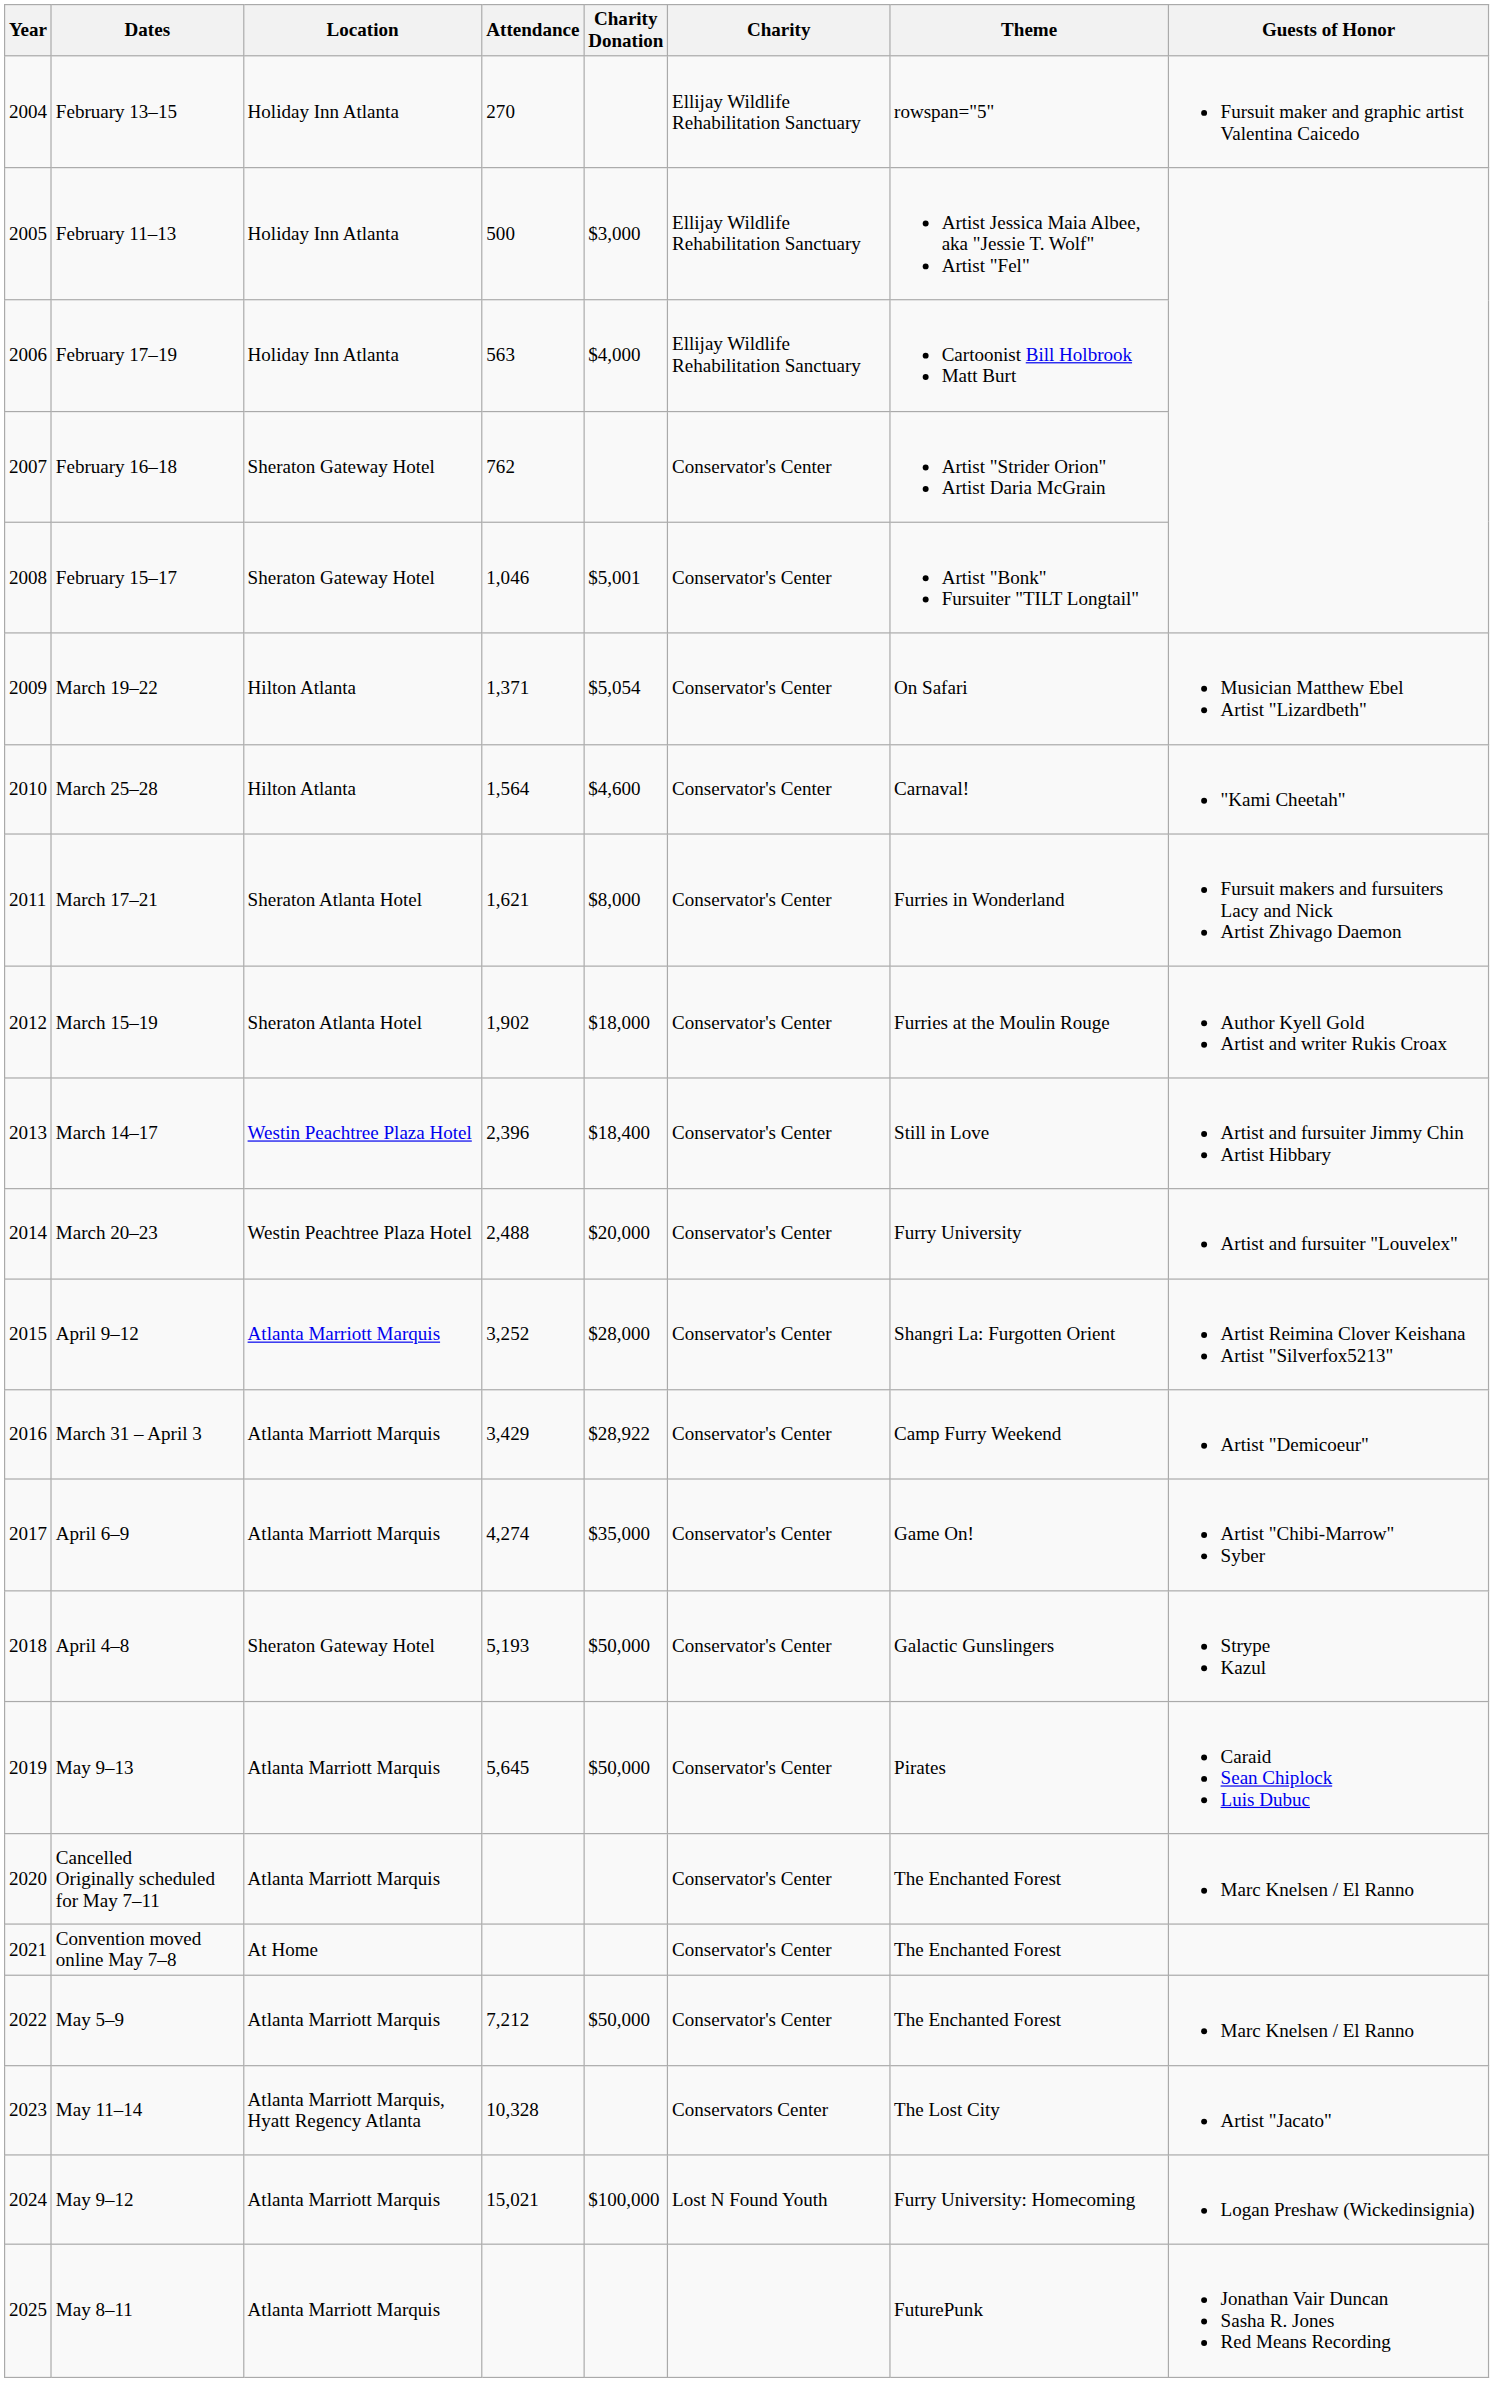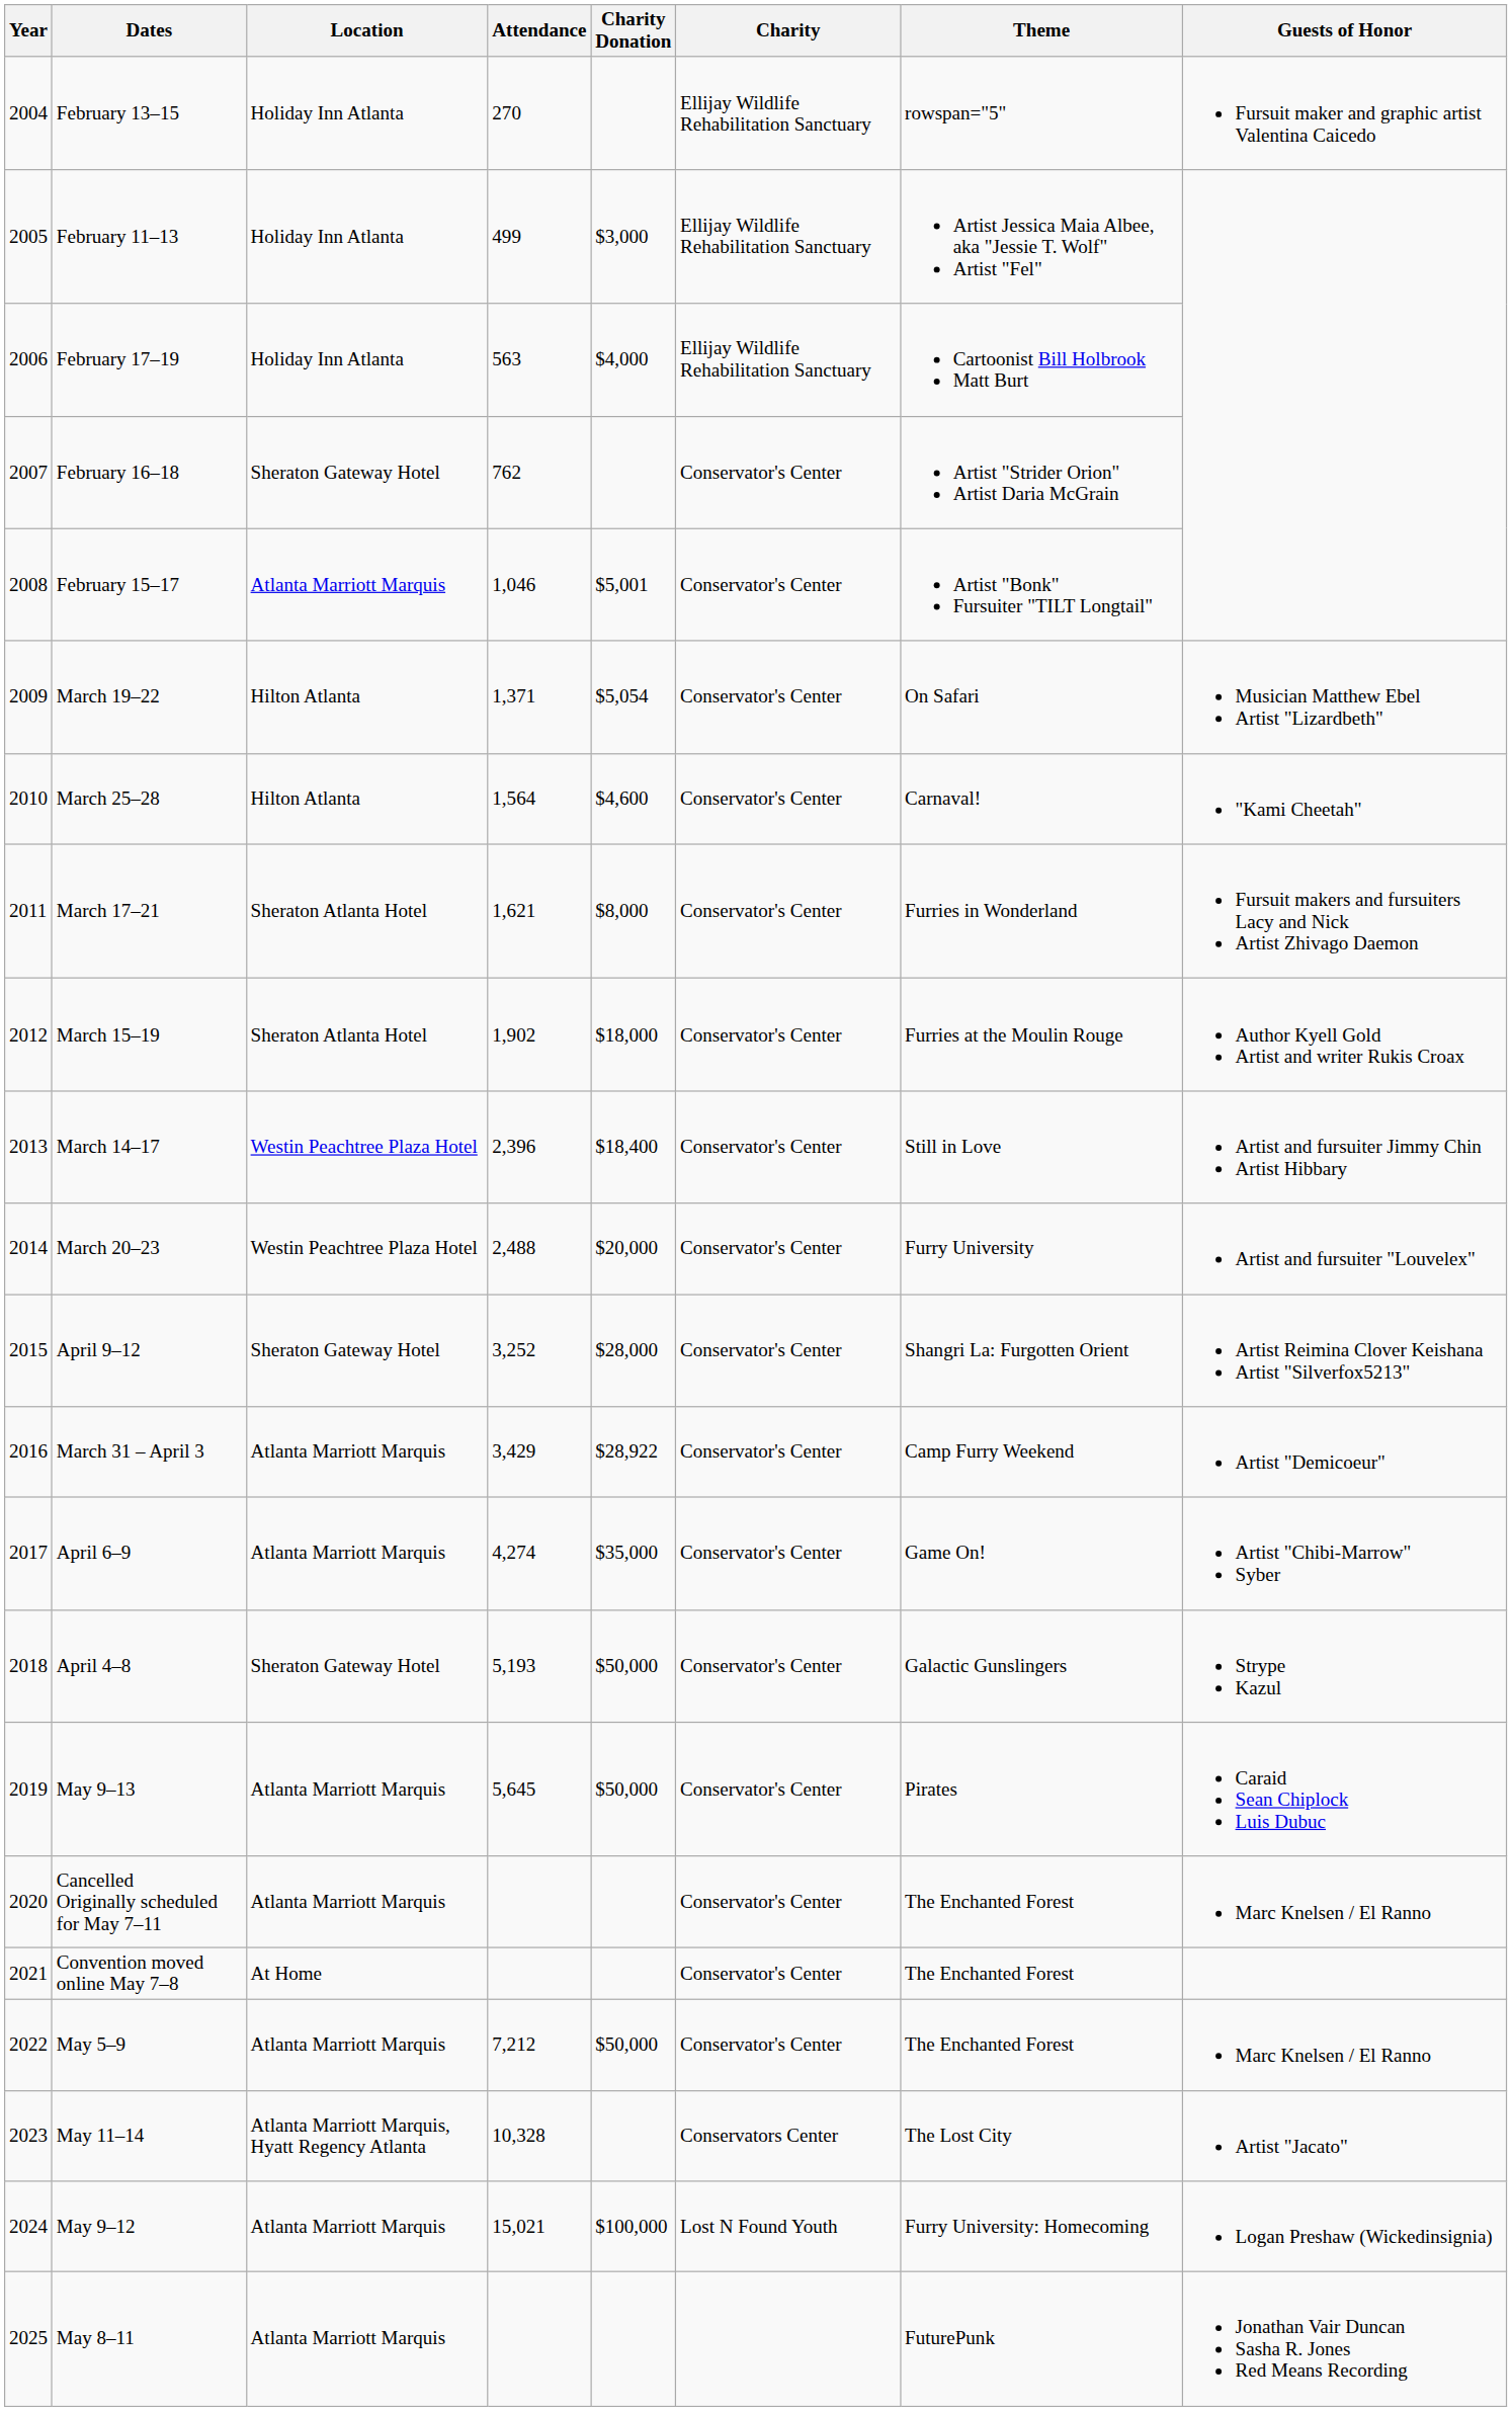 <table class="wikitable" border="1">
 <tr>
 <th>Year</th>
 <th>Dates</th>
 <th>Location</th>
 <th>Attendance</th>
 <th>Charity<br>Donation</th>
 <th>Charity</th>
 <th>Theme</th>
 <th>Guests of Honor</th>
 </tr>
 <tr>
 <td>2004</td>
 <td>February 13–15</td>
 <td>Holiday Inn Atlanta</td>
 <td>270</td>
 <td></td>
 <td>Ellijay Wildlife Rehabilitation Sanctuary</td>
 <td>rowspan="5" </td>
 <td><br><ul><li>Fursuit maker and graphic artist Valentina Caicedo</li></ul></td>
 </tr>
 <tr>
 <td>2005</td>
 <td>February 11–13</td>
 <td>Holiday Inn Atlanta</td>
-<td>500</td>
+<td>499</td>
 <td>$3,000</td>
 <td>Ellijay Wildlife Rehabilitation Sanctuary</td>
 <td><br><ul><li>Artist Jessica Maia Albee, aka "Jessie T. Wolf"</li><li>Artist "Fel"</li></ul></td>
 </tr>
 <tr>
 <td>2006</td>
 <td>February 17–19</td>
 <td>Holiday Inn Atlanta</td>
 <td>563</td>
 <td>$4,000</td>
 <td>Ellijay Wildlife Rehabilitation Sanctuary</td>
 <td><br><ul><li>Cartoonist <a href='#'>Bill Holbrook</a></li><li>Matt Burt</li></ul></td>
 </tr>
 <tr>
 <td>2007</td>
 <td>February 16–18</td>
 <td>Sheraton Gateway Hotel</td>
 <td>762</td>
 <td></td>
 <td>Conservator's Center</td>
 <td><br><ul><li>Artist "Strider Orion"</li><li>Artist Daria McGrain</li></ul></td>
 </tr>
 <tr>
 <td>2008</td>
 <td>February 15–17</td>
-<td>Sheraton Gateway Hotel</td>
+<td><a href='#'>Atlanta Marriott Marquis</a></td>
 <td>1,046</td>
 <td>$5,001</td>
 <td>Conservator's Center</td>
 <td><br><ul><li>Artist "Bonk"</li><li>Fursuiter "TILT Longtail"</li></ul></td>
 </tr>
 <tr>
 <td>2009</td>
 <td>March 19–22</td>
 <td>Hilton Atlanta</td>
 <td>1,371</td>
 <td>$5,054</td>
 <td>Conservator's Center</td>
 <td>On Safari</td>
 <td><br><ul><li>Musician Matthew Ebel</li><li>Artist "Lizardbeth"</li></ul></td>
 </tr>
 <tr>
 <td>2010</td>
 <td>March 25–28</td>
 <td>Hilton Atlanta</td>
 <td>1,564</td>
 <td>$4,600</td>
 <td>Conservator's Center</td>
 <td>Carnaval!</td>
 <td><br><ul><li>"Kami Cheetah"</li></ul></td>
 </tr>
 <tr>
 <td>2011</td>
 <td>March 17–21</td>
 <td>Sheraton Atlanta Hotel</td>
 <td>1,621</td>
 <td>$8,000</td>
 <td>Conservator's Center</td>
 <td>Furries in Wonderland</td>
 <td><br><ul><li>Fursuit makers and fursuiters Lacy and Nick</li><li>Artist Zhivago Daemon</li></ul></td>
 </tr>
 <tr>
 <td>2012</td>
 <td>March 15–19</td>
 <td>Sheraton Atlanta Hotel</td>
 <td>1,902</td>
 <td>$18,000</td>
 <td>Conservator's Center</td>
 <td>Furries at the Moulin Rouge</td>
 <td><br><ul><li>Author Kyell Gold</li><li>Artist and writer Rukis Croax</li></ul></td>
 </tr>
 <tr>
 <td>2013</td>
 <td>March 14–17</td>
 <td><a href='#'>Westin Peachtree Plaza Hotel</a></td>
 <td>2,396</td>
 <td>$18,400</td>
 <td>Conservator's Center</td>
 <td>Still in Love</td>
 <td><br><ul><li>Artist and fursuiter Jimmy Chin</li><li>Artist Hibbary</li></ul></td>
 </tr>
 <tr>
 <td>2014</td>
 <td>March 20–23</td>
 <td>Westin Peachtree Plaza Hotel</td>
 <td>2,488</td>
 <td>$20,000</td>
 <td>Conservator's Center</td>
 <td>Furry University</td>
 <td><br><ul><li>Artist and fursuiter "Louvelex"</li></ul></td>
 </tr>
 <tr>
 <td>2015</td>
 <td>April 9–12</td>
-<td><a href='#'>Atlanta Marriott Marquis</a></td>
+<td>Sheraton Gateway Hotel</td>
 <td>3,252</td>
 <td>$28,000</td>
 <td>Conservator's Center</td>
 <td>Shangri La: Furgotten Orient</td>
 <td><br><ul><li>Artist Reimina Clover Keishana</li><li>Artist "Silverfox5213"</li></ul></td>
 </tr>
 <tr>
 <td>2016</td>
 <td>March 31 – April 3</td>
 <td>Atlanta Marriott Marquis</td>
 <td>3,429</td>
 <td>$28,922</td>
 <td>Conservator's Center</td>
 <td>Camp Furry Weekend</td>
 <td><br><ul><li>Artist "Demicoeur"</li></ul></td>
 </tr>
 <tr>
 <td>2017</td>
 <td>April 6–9</td>
 <td>Atlanta Marriott Marquis</td>
 <td>4,274</td>
 <td>$35,000</td>
 <td>Conservator's Center</td>
 <td>Game On!</td>
 <td><br><ul><li>Artist "Chibi-Marrow"</li><li>Syber</li></ul></td>
 </tr>
 <tr>
 <td>2018</td>
 <td>April 4–8</td>
 <td>Sheraton Gateway Hotel</td>
 <td>5,193</td>
 <td>$50,000</td>
 <td>Conservator's Center</td>
 <td>Galactic Gunslingers</td>
 <td><br><ul><li>Strype</li><li>Kazul</li></ul></td>
 </tr>
 <tr>
 <td>2019</td>
 <td>May 9–13</td>
 <td>Atlanta Marriott Marquis</td>
 <td>5,645</td>
 <td>$50,000</td>
 <td>Conservator's Center</td>
 <td>Pirates</td>
 <td><br><ul><li>Caraid</li><li><a href='#'>Sean Chiplock</a></li><li><a href='#'>Luis Dubuc</a></li></ul></td>
 </tr>
 <tr>
 <td>2020</td>
 <td>Cancelled<br>Originally scheduled for May 7–11</td>
 <td>Atlanta Marriott Marquis</td>
 <td></td>
 <td></td>
 <td>Conservator's Center</td>
 <td>The Enchanted Forest</td>
 <td><br><ul><li>Marc Knelsen / El Ranno</li></ul></td>
 </tr>
 <tr>
 <td>2021</td>
 <td>Convention moved online May 7–8</td>
 <td>At Home</td>
 <td></td>
 <td></td>
 <td>Conservator's Center</td>
 <td>The Enchanted Forest</td>
 <td></td>
 </tr>
 <tr>
 <td>2022</td>
 <td>May 5–9</td>
 <td>Atlanta Marriott Marquis</td>
 <td>7,212</td>
 <td>$50,000</td>
 <td>Conservator's Center</td>
 <td>The Enchanted Forest</td>
 <td><br><ul><li>Marc Knelsen / El Ranno</li></ul></td>
 </tr>
 <tr>
 <td>2023</td>
 <td>May 11–14</td>
 <td>Atlanta Marriott Marquis, Hyatt Regency Atlanta</td>
 <td>10,328</td>
 <td></td>
 <td>Conservators Center</td>
 <td>The Lost City</td>
 <td><br><ul><li>Artist "Jacato"</li></ul></td>
 </tr>
 <tr>
 <td>2024</td>
 <td>May 9–12</td>
 <td>Atlanta Marriott Marquis</td>
 <td>15,021</td>
 <td>$100,000</td>
 <td>Lost N Found Youth</td>
 <td>Furry University: Homecoming</td>
 <td><br><ul><li>Logan Preshaw (Wickedinsignia)</li></ul></td>
 </tr>
 <tr>
 <td>2025</td>
 <td>May 8–11</td>
 <td>Atlanta Marriott Marquis</td>
 <td></td>
 <td></td>
 <td></td>
 <td>FuturePunk</td>
 <td><br><ul><li>Jonathan Vair Duncan</li><li>Sasha R. Jones</li><li>Red Means Recording</li></ul></td>
 </tr>
 </table>
